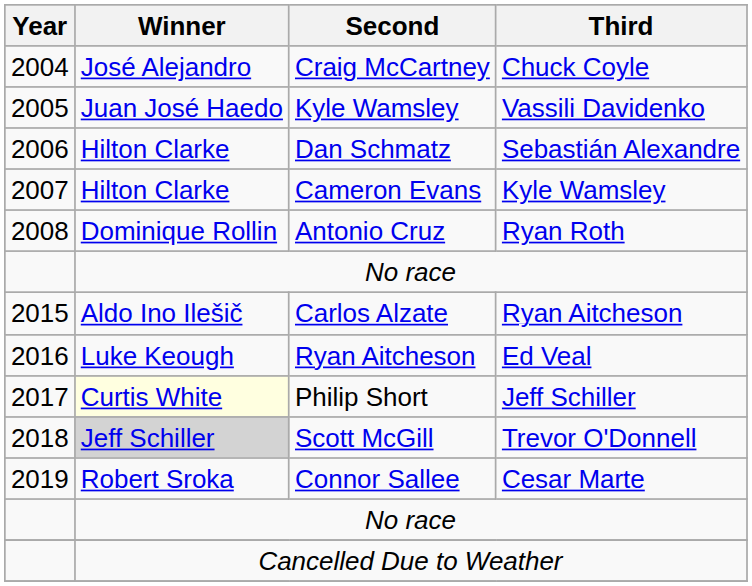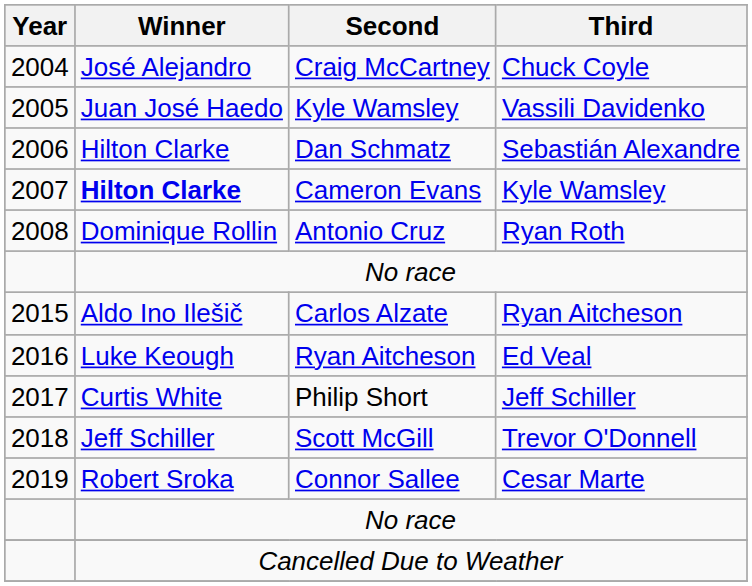 <table class="wikitable sortable" style="font-size:95%">
 <tr>
 <th>Year</th>
 <th>Winner</th>
 <th>Second</th>
 <th>Third</th>
 </tr>
 <tr>
 <td>2004</td>
 <td> <a href='#'>José Alejandro</a></td>
 <td> <a href='#'>Craig McCartney</a></td>
 <td> <a href='#'>Chuck Coyle</a></td>
 </tr>
 <tr>
 <td>2005</td>
 <td> <a href='#'>Juan José Haedo</a></td>
 <td> <a href='#'>Kyle Wamsley</a></td>
 <td> <a href='#'>Vassili Davidenko</a></td>
 </tr>
 <tr>
 <td>2006</td>
 <td> <a href='#'>Hilton Clarke</a></td>
 <td> <a href='#'>Dan Schmatz</a></td>
 <td> <a href='#'>Sebastián Alexandre</a></td>
 </tr>
 <tr>
 <td>2007</td>
-<td> <a href='#'>Hilton Clarke</a></td>
+<td><strong> <a href='#'>Hilton Clarke</a></strong></td>
 <td> <a href='#'>Cameron Evans</a></td>
 <td> <a href='#'>Kyle Wamsley</a></td>
 </tr>
 <tr>
 <td>2008</td>
 <td> <a href='#'>Dominique Rollin</a></td>
 <td> <a href='#'>Antonio Cruz</a></td>
 <td> <a href='#'>Ryan Roth</a></td>
 </tr>
 <tr>
 <td></td>
 <td colspan=3; align=center><em>No race</em></td>
 </tr>
 <tr>
 <td>2015</td>
 <td> <a href='#'>Aldo Ino Ilešič</a></td>
 <td> <a href='#'>Carlos Alzate</a></td>
 <td> <a href='#'>Ryan Aitcheson</a></td>
 </tr>
 <tr>
 <td>2016</td>
 <td> <a href='#'>Luke Keough</a></td>
 <td> <a href='#'>Ryan Aitcheson</a></td>
 <td> <a href='#'>Ed Veal</a></td>
 </tr>
 <tr>
 <td>2017</td>
-<td style="background: lightyellow;"> <a href='#'>Curtis White</a></td>
+<td> <a href='#'>Curtis White</a></td>
 <td> Philip Short</td>
 <td> <a href='#'>Jeff Schiller</a></td>
 </tr>
 <tr>
 <td>2018</td>
-<td style="background: lightgrey;"> <a href='#'>Jeff Schiller</a></td>
+<td> <a href='#'>Jeff Schiller</a></td>
 <td> <a href='#'>Scott McGill</a></td>
 <td> <a href='#'>Trevor O'Donnell</a></td>
 </tr>
 <tr>
 <td>2019</td>
 <td> <a href='#'>Robert Sroka</a></td>
 <td> <a href='#'>Connor Sallee</a></td>
 <td> <a href='#'>Cesar Marte</a></td>
 </tr>
 <tr>
 <td></td>
 <td colspan=3; align=center><em>No race</em></td>
 </tr>
 <tr>
 </tr>
 <tr>
 <td></td>
 <td colspan=3; align=center><em>Cancelled Due to Weather</em></td>
 </tr>
 <tr>
 </tr>
 </table>
